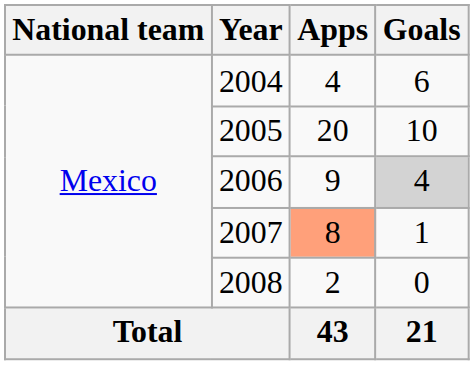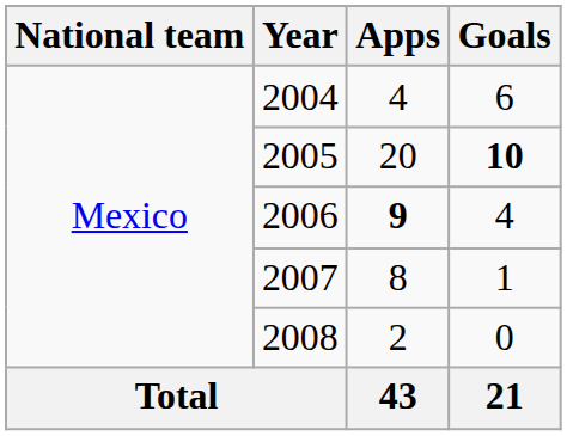 <table class="wikitable" style="text-align: center;">
 <tr>
 <th>National team</th>
 <th>Year</th>
 <th>Apps</th>
 <th>Goals</th>
 </tr>
 <tr>
 <td rowspan="5" valign="center"><a href='#'>Mexico</a></td>
 <td>2004</td>
 <td>4</td>
 <td>6</td>
 </tr>
 <tr>
 <td>2005</td>
 <td>20</td>
-<td>10</td>
+<td><strong>10</strong></td>
 </tr>
 <tr>
 <td>2006</td>
-<td>9</td>
-<td style="background: lightgrey;">4</td>
+<td><strong>9</strong></td>
+<td>4</td>
 </tr>
 <tr>
 <td>2007</td>
-<td style="background: lightsalmon;">8</td>
+<td>8</td>
 <td>1</td>
 </tr>
 <tr>
 <td>2008</td>
 <td>2</td>
 <td>0</td>
 </tr>
 <tr>
 <th colspan="2">Total</th>
 <th>43</th>
 <th>21</th>
 </tr>
 </table>
